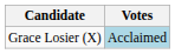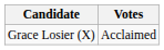 <table class="wikitable">
 <tr>
 <th>Candidate</th>
 <th>Votes</th>
 </tr>
 <tr>
 <td>Grace Losier (X)</td>
-<td style="background: lightblue;">Acclaimed</td>
+<td>Acclaimed</td>
 </tr>
 </table>
